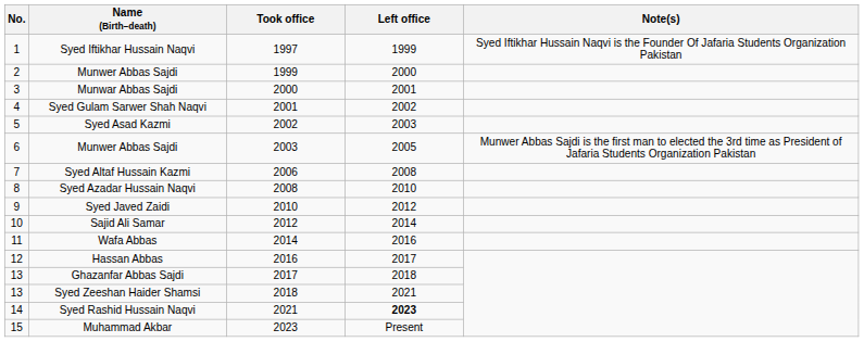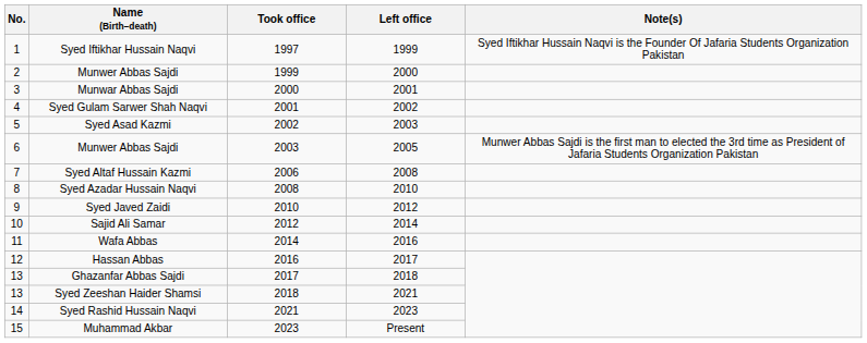 <table class="wikitable" style="text-align:center;">
 <tr>
 <th width=1%>No.</th>
 <th width=20%>Name<br><small>(Birth–death)</small></th>
 <th width=12%>Took office</th>
 <th width=12%>Left office</th>
 <th width=40%>Note(s)</th>
 </tr>
 <tr>
 <td>1</td>
 <td>Syed Iftikhar Hussain Naqvi</td>
 <td>1997</td>
 <td>1999</td>
 <td>Syed Iftikhar Hussain Naqvi is the Founder Of Jafaria Students Organization Pakistan</td>
 </tr>
 <tr>
 <td>2</td>
 <td>Munwer Abbas Sajdi</td>
 <td>1999</td>
 <td>2000</td>
 <td></td>
 </tr>
 <tr>
 <td>3</td>
 <td>Munwar Abbas Sajdi</td>
 <td>2000</td>
 <td>2001</td>
 <td></td>
 </tr>
 <tr>
 <td>4</td>
 <td>Syed Gulam Sarwer Shah Naqvi</td>
 <td>2001</td>
 <td>2002</td>
 <td></td>
 </tr>
 <tr>
 <td>5</td>
 <td>Syed Asad Kazmi</td>
 <td>2002</td>
 <td>2003</td>
 <td></td>
 </tr>
 <tr>
 <td>6</td>
 <td>Munwer Abbas Sajdi</td>
 <td>2003</td>
 <td>2005</td>
 <td>Munwer Abbas Sajdi is the first man to elected the 3rd time as President of Jafaria Students Organization Pakistan</td>
 </tr>
 <tr>
 <td>7</td>
 <td>Syed Altaf Hussain Kazmi</td>
 <td>2006</td>
 <td>2008</td>
 <td></td>
 </tr>
 <tr>
 <td>8</td>
 <td>Syed Azadar Hussain Naqvi</td>
 <td>2008</td>
 <td>2010</td>
 <td></td>
 </tr>
 <tr>
 <td>9</td>
 <td>Syed Javed Zaidi</td>
 <td>2010</td>
 <td>2012</td>
 <td></td>
 </tr>
 <tr>
 <td>10</td>
 <td>Sajid Ali Samar</td>
 <td>2012</td>
 <td>2014</td>
 <td></td>
 </tr>
 <tr>
 <td>11</td>
 <td>Wafa Abbas</td>
 <td>2014</td>
 <td>2016</td>
 <td></td>
 </tr>
 <tr>
 <td>12</td>
 <td>Hassan Abbas</td>
 <td>2016</td>
 <td>2017</td>
 </tr>
 <tr>
 <td>13</td>
 <td>Ghazanfar Abbas Sajdi</td>
 <td>2017</td>
 <td>2018</td>
 </tr>
 <tr>
 <td>13</td>
 <td>Syed Zeeshan Haider Shamsi</td>
 <td>2018</td>
 <td>2021</td>
 </tr>
 <tr>
 <td>14</td>
 <td>Syed Rashid Hussain Naqvi</td>
 <td>2021</td>
-<td><strong>2023</strong></td>
+<td>2023</td>
 </tr>
 <tr>
 <td>15</td>
 <td>Muhammad Akbar</td>
 <td>2023</td>
 <td>Present</td>
 </tr>
 </table>
